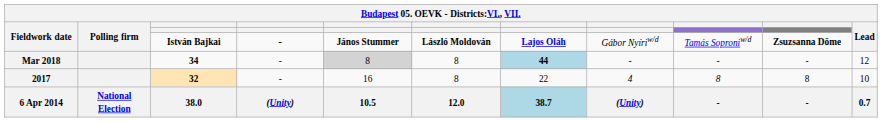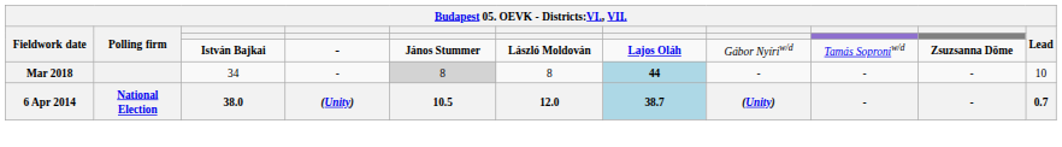 <table class="wikitable mw-collapsible mw-collapsed" style="text-align:center">
 <tr>
 <th colspan="11" style="width: 980pt;"><small><a href='#'>Budapest</a> 05. OEVK -</small> <small>Districts:<a href='#'>VI.</a>, <a href='#'>VII.</a></small></th>
 </tr>
 <tr>
 <th rowspan="3" style="width: 80pt;"><small>Fieldwork</small> <small>date</small></th>
 <th rowspan="3" style="width: 80pt;"><strong><small>Polling</small> <small>firm</small></strong></th>
 <th style="width: 100pt;"><small></small></th>
 <th style="width: 100pt;"><small> </small></th>
 <th style="width: 100pt;"></th>
 <th style="width: 100pt;"></th>
 <th style="width: 100pt;"></th>
 <th style="width: 100pt;"></th>
 <th style="width: 100pt;"></th>
 <th style="width: 100pt;"></th>
 <th rowspan="3" style="width: 20pt;"><small>Lead</small></th>
 </tr>
 <tr>
 <th style="color:inherit;background:"></th>
 <th style="color:inherit;background:"></th>
 <th style="color:inherit;background:"></th>
 <th style="color:inherit;background:"></th>
 <th style="color:inherit;background:"></th>
 <th style="color:inherit;background:"></th>
 <th style="color:inherit;background:#8E6FCE;"></th>
 <th style="color:inherit;background:#808080;"></th>
 </tr>
 <tr>
 <td><small><strong>István Bajkai</strong></small></td>
 <td><strong>-</strong></td>
 <td><small><strong>János Stummer</strong></small></td>
 <td><small><strong>László Moldován</strong></small></td>
 <td><small><strong><a href='#'>Lajos Oláh</a></strong></small></td>
 <td><em><small>Gábor Nyíri<sup>w/d</sup></small></em></td>
 <td><small><em><a href='#'>Tamás Soproni</a><sup>w/d</sup></em></small></td>
 <td><small><strong>Zsuzsanna Döme</strong></small></td>
 </tr>
 <tr>
 <th><small>Mar 2018</small></th>
 <th><small></small></th>
-<td><strong><small>34</small></strong></td>
+<td><small>34</small></td>
 <td><small>-</small></td>
 <td style="background: lightgrey;"><small>8</small></td>
 <td><small>8</small></td>
 <td style="background:#ADD8E6"><strong><small>44</small></strong></td>
 <td><em><small>-</small></em></td>
 <td><small><em>-</em></small></td>
 <td><small>-</small></td>
-<td style="background:"><small>12</small></td>
-</tr>
-<tr>
-<th><small>2017</small></th>
-<th><small></small></th>
-<td style="background:#FFE5B4"><strong><small>32</small></strong></td>
-<td><small>-</small></td>
-<td><small>16</small></td>
-<td><small>8</small></td>
-<td><small>22</small></td>
-<td><em><small>4</small></em></td>
-<td><small><em>8</em></small></td>
-<td><small>8</small></td>
 <td style="background:"><small>10</small></td>
 </tr>
 <tr>
 <th><small>6 Apr 2014</small></th>
 <th><a href='#'><small>National Election</small></a></th>
 <th><small>38.0</small></th>
 <th><small><em>(<a href='#'>Unity</a>)</em></small></th>
 <th><small>10.5</small></th>
 <th><small>12.0</small></th>
 <th style="background:#ADD8E6"><small>38.7</small></th>
 <th><small><em>(<a href='#'>Unity</a>)</em></small></th>
 <th><small>-</small></th>
 <th><small>-</small></th>
 <th style="background:"><small>0.7</small></th>
 </tr>
 </table>
